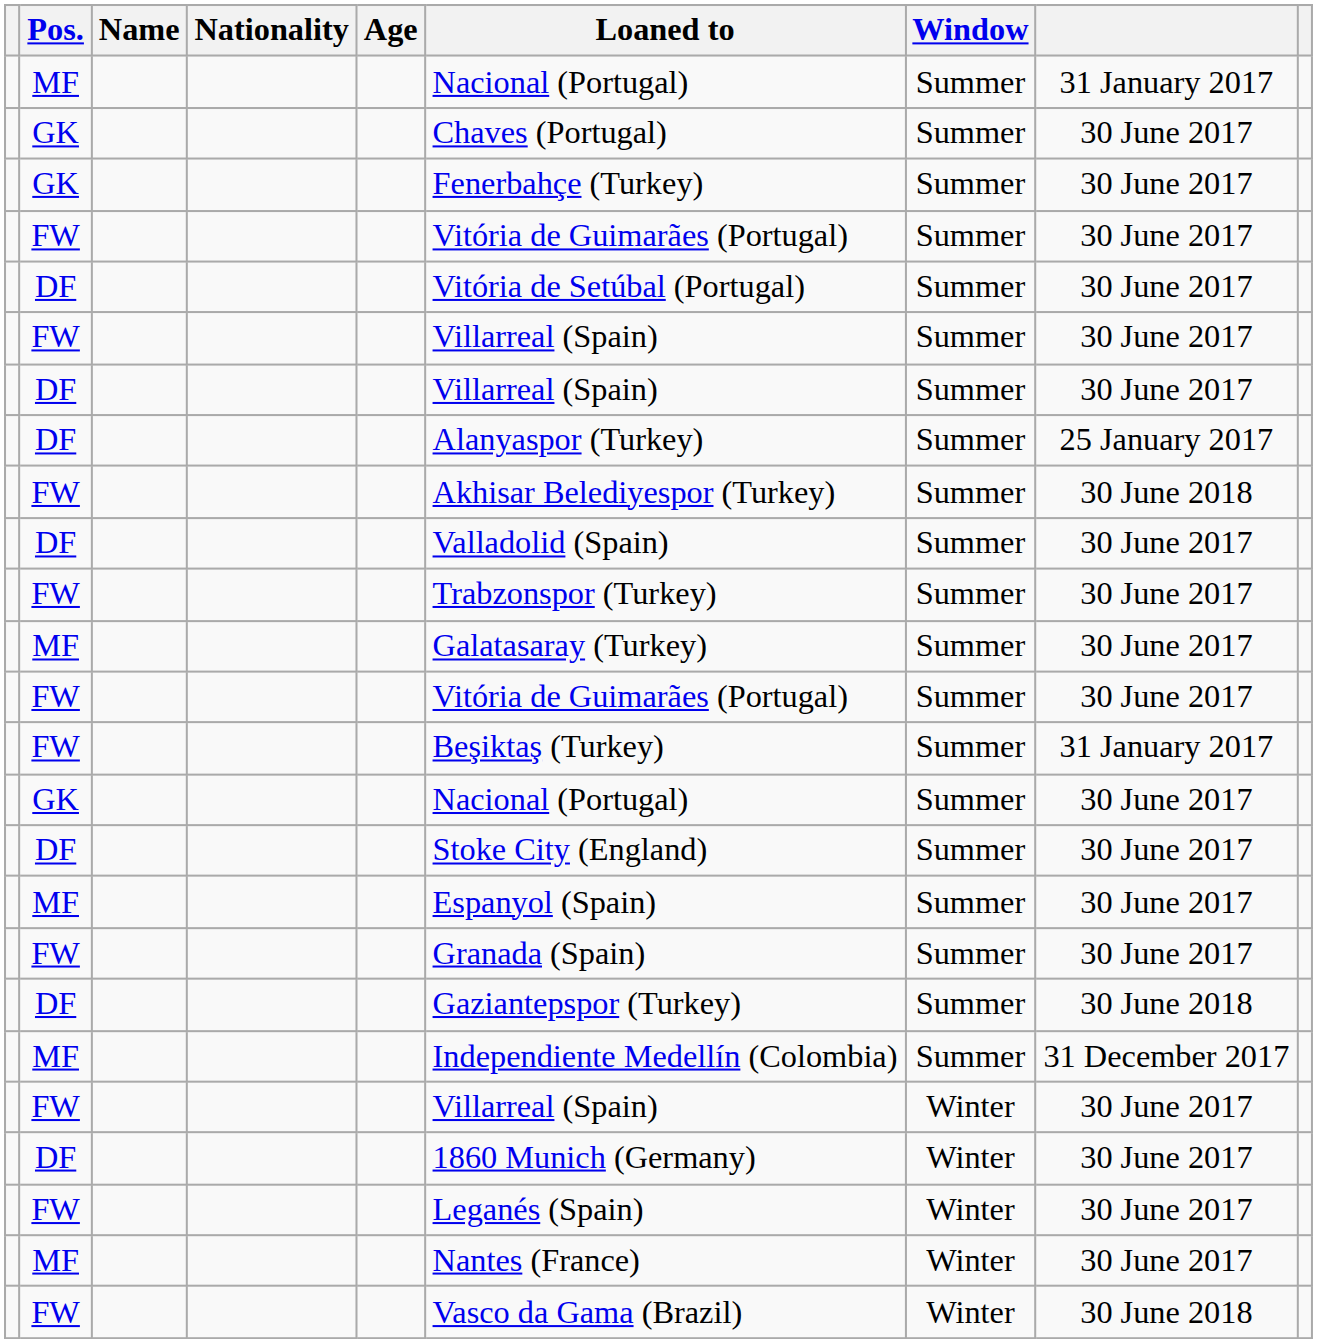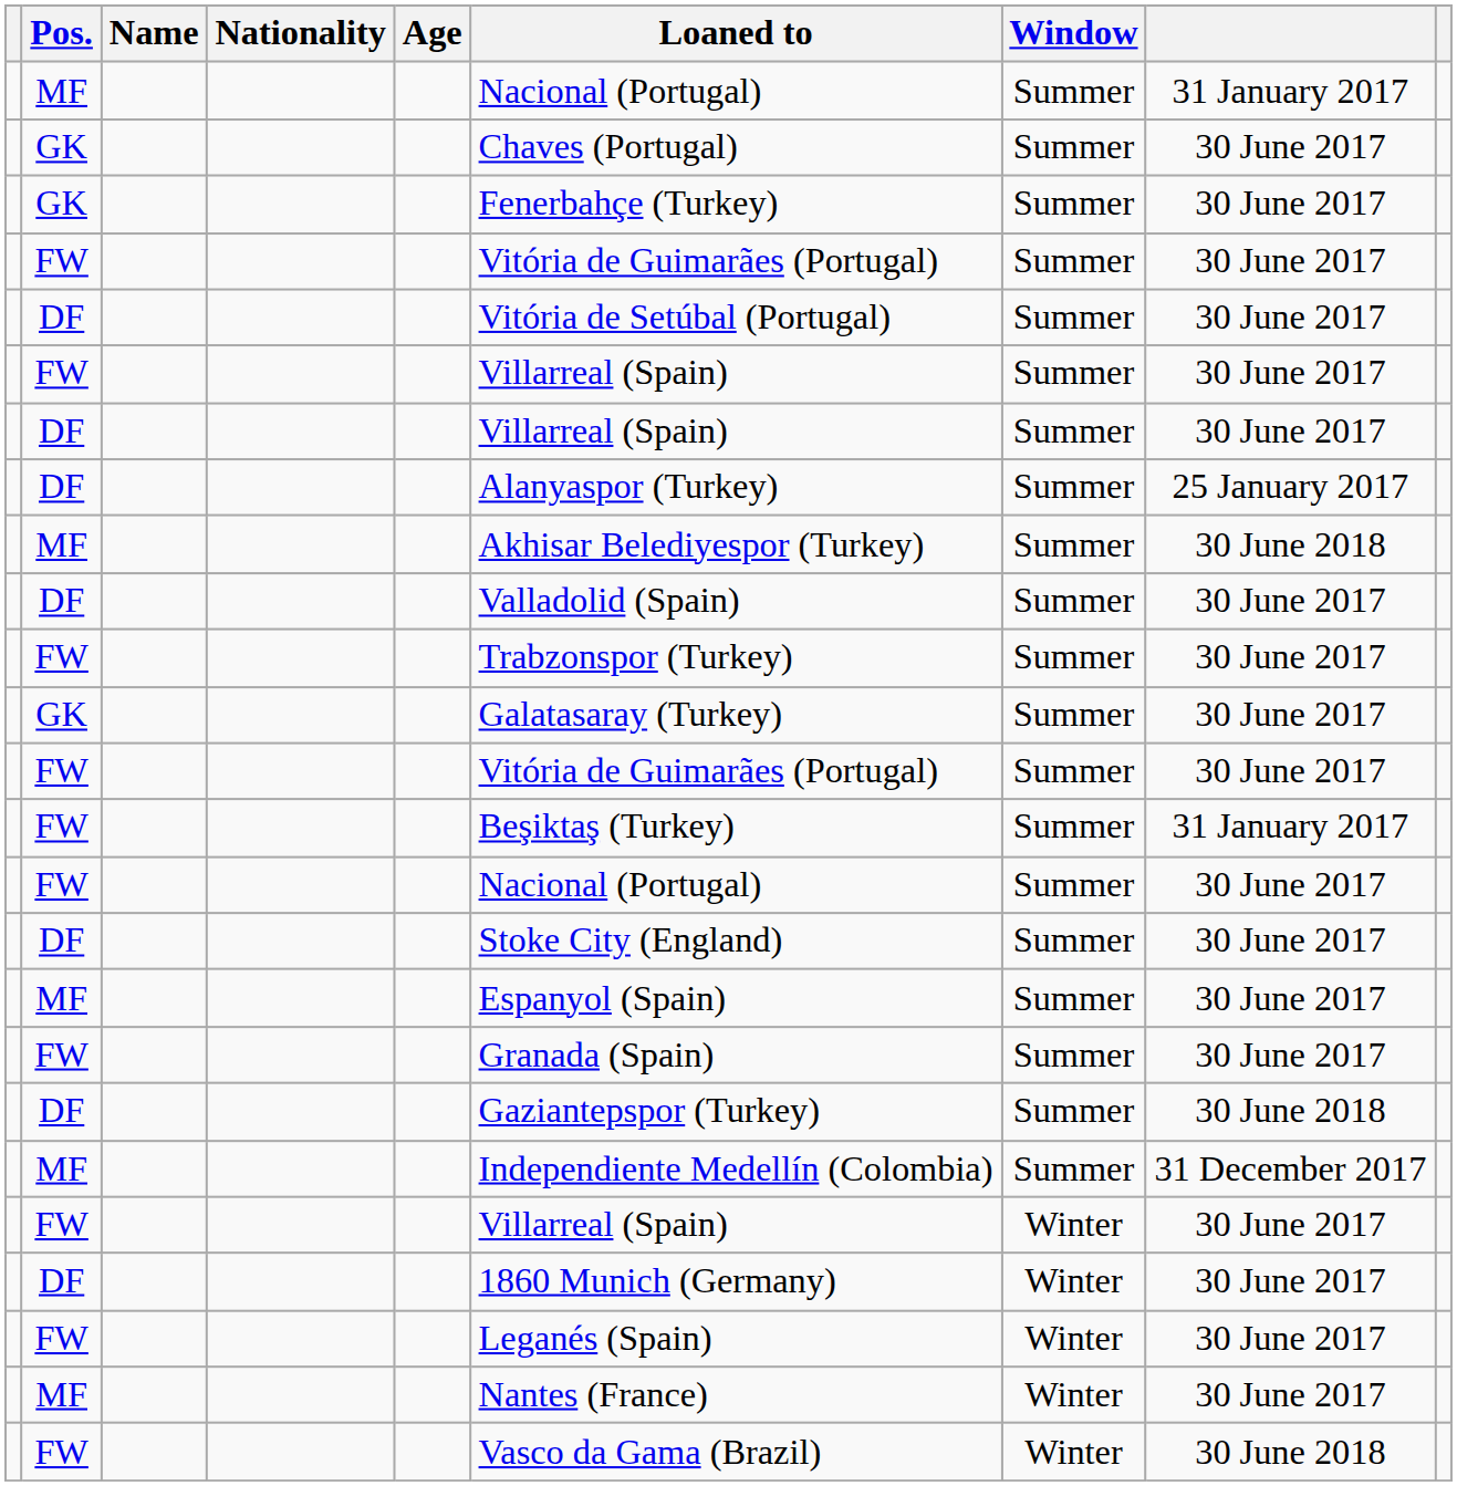 <table class="wikitable sortable" style="text-align:center;">
 <tr>
 <th scope=col></th>
 <th scope=col><a href='#'>Pos.</a></th>
 <th scope=col>Name</th>
 <th scope=col>Nationality</th>
 <th scope=col>Age</th>
 <th scope=col>Loaned to</th>
 <th scope=col><a href='#'>Window</a></th>
 <th scope=col></th>
 <th scope=col class=unsortable></th>
 </tr>
 <tr>
 <td></td>
 <td><a href='#'>MF</a></td>
 <td align=left></td>
 <td align=left></td>
 <td></td>
 <td align=left><a href='#'>Nacional</a> (Portugal)</td>
 <td>Summer</td>
 <td>31 January 2017</td>
 <td></td>
 </tr>
 <tr>
 <td></td>
 <td><a href='#'>GK</a></td>
 <td align=left></td>
 <td align=left></td>
 <td></td>
 <td align=left><a href='#'>Chaves</a> (Portugal)</td>
 <td>Summer</td>
 <td>30 June 2017</td>
 <td></td>
 </tr>
 <tr>
 <td></td>
 <td><a href='#'>GK</a></td>
 <td align=left></td>
 <td align=left></td>
 <td></td>
 <td align=left><a href='#'>Fenerbahçe</a> (Turkey)</td>
 <td>Summer</td>
 <td>30 June 2017</td>
 <td></td>
 </tr>
 <tr>
 <td></td>
 <td><a href='#'>FW</a></td>
 <td align=left></td>
 <td align=left></td>
 <td></td>
 <td align=left><a href='#'>Vitória de Guimarães</a> (Portugal)</td>
 <td>Summer</td>
 <td>30 June 2017</td>
 <td></td>
 </tr>
 <tr>
 <td></td>
 <td><a href='#'>DF</a></td>
 <td align=left></td>
 <td align=left></td>
 <td></td>
 <td align=left><a href='#'>Vitória de Setúbal</a> (Portugal)</td>
 <td>Summer</td>
 <td>30 June 2017</td>
 <td></td>
 </tr>
 <tr>
 <td></td>
 <td><a href='#'>FW</a></td>
 <td align=left></td>
 <td align=left></td>
 <td></td>
 <td align=left><a href='#'>Villarreal</a> (Spain)</td>
 <td>Summer</td>
 <td>30 June 2017</td>
 <td></td>
 </tr>
 <tr>
 <td></td>
 <td><a href='#'>DF</a></td>
 <td align=left></td>
 <td align=left></td>
 <td></td>
 <td align=left><a href='#'>Villarreal</a> (Spain)</td>
 <td>Summer</td>
 <td>30 June 2017</td>
 <td></td>
 </tr>
 <tr>
 <td></td>
 <td><a href='#'>DF</a></td>
 <td align=left></td>
 <td align=left></td>
 <td></td>
 <td align=left><a href='#'>Alanyaspor</a> (Turkey)</td>
 <td>Summer</td>
 <td>25 January 2017</td>
 <td></td>
 </tr>
 <tr>
 <td></td>
-<td><a href='#'>FW</a></td>
+<td><a href='#'>MF</a></td>
 <td align=left></td>
 <td align=left></td>
 <td></td>
 <td align=left><a href='#'>Akhisar Belediyespor</a> (Turkey)</td>
 <td>Summer</td>
 <td>30 June 2018</td>
 <td></td>
 </tr>
 <tr>
 <td></td>
 <td><a href='#'>DF</a></td>
 <td align=left></td>
 <td align=left></td>
 <td></td>
 <td align=left><a href='#'>Valladolid</a> (Spain)</td>
 <td>Summer</td>
 <td>30 June 2017</td>
 <td></td>
 </tr>
 <tr>
 <td></td>
 <td><a href='#'>FW</a></td>
 <td align=left></td>
 <td align=left></td>
 <td></td>
 <td align=left><a href='#'>Trabzonspor</a> (Turkey)</td>
 <td>Summer</td>
 <td>30 June 2017</td>
 <td></td>
 </tr>
 <tr>
 <td></td>
-<td><a href='#'>MF</a></td>
+<td><a href='#'>GK</a></td>
 <td align=left></td>
 <td align=left></td>
 <td></td>
 <td align=left><a href='#'>Galatasaray</a> (Turkey)</td>
 <td>Summer</td>
 <td>30 June 2017</td>
 <td></td>
 </tr>
 <tr>
 <td></td>
 <td><a href='#'>FW</a></td>
 <td align=left></td>
 <td align=left></td>
 <td></td>
 <td align=left><a href='#'>Vitória de Guimarães</a> (Portugal)</td>
 <td>Summer</td>
 <td>30 June 2017</td>
 <td></td>
 </tr>
 <tr>
 <td></td>
 <td><a href='#'>FW</a></td>
 <td align=left></td>
 <td align=left></td>
 <td></td>
 <td align=left><a href='#'>Beşiktaş</a> (Turkey)</td>
 <td>Summer</td>
 <td>31 January 2017</td>
 <td></td>
 </tr>
 <tr>
 <td></td>
-<td><a href='#'>GK</a></td>
+<td><a href='#'>FW</a></td>
 <td align=left></td>
 <td align=left></td>
 <td></td>
 <td align=left><a href='#'>Nacional</a> (Portugal)</td>
 <td>Summer</td>
 <td>30 June 2017</td>
 <td></td>
 </tr>
 <tr>
 <td></td>
 <td><a href='#'>DF</a></td>
 <td align=left></td>
 <td align=left></td>
 <td></td>
 <td align=left><a href='#'>Stoke City</a> (England)</td>
 <td>Summer</td>
 <td>30 June 2017</td>
 <td></td>
 </tr>
 <tr>
 <td></td>
 <td><a href='#'>MF</a></td>
 <td align=left></td>
 <td align=left></td>
 <td></td>
 <td align=left><a href='#'>Espanyol</a> (Spain)</td>
 <td>Summer</td>
 <td>30 June 2017</td>
 <td></td>
 </tr>
 <tr>
 <td></td>
 <td><a href='#'>FW</a></td>
 <td align=left></td>
 <td align=left></td>
 <td></td>
 <td align=left><a href='#'>Granada</a> (Spain)</td>
 <td>Summer</td>
 <td>30 June 2017</td>
 <td></td>
 </tr>
 <tr>
 <td></td>
 <td><a href='#'>DF</a></td>
 <td align=left></td>
 <td align=left></td>
 <td></td>
 <td align=left><a href='#'>Gaziantepspor</a> (Turkey)</td>
 <td>Summer</td>
 <td>30 June 2018</td>
 <td></td>
 </tr>
 <tr>
 <td></td>
 <td><a href='#'>MF</a></td>
 <td align=left></td>
 <td align=left></td>
 <td></td>
 <td align=left><a href='#'>Independiente Medellín</a> (Colombia)</td>
 <td>Summer</td>
 <td>31 December 2017</td>
 <td></td>
 </tr>
 <tr>
 <td></td>
 <td><a href='#'>FW</a></td>
 <td align=left></td>
 <td align=left></td>
 <td></td>
 <td align=left><a href='#'>Villarreal</a> (Spain)</td>
 <td>Winter</td>
 <td>30 June 2017</td>
 <td></td>
 </tr>
 <tr>
 <td></td>
 <td><a href='#'>DF</a></td>
 <td align=left></td>
 <td align=left></td>
 <td></td>
 <td align=left><a href='#'>1860 Munich</a> (Germany)</td>
 <td>Winter</td>
 <td>30 June 2017</td>
 <td></td>
 </tr>
 <tr>
 <td></td>
 <td><a href='#'>FW</a></td>
 <td align=left></td>
 <td align=left></td>
 <td></td>
 <td align=left><a href='#'>Leganés</a> (Spain)</td>
 <td>Winter</td>
 <td>30 June 2017</td>
 <td></td>
 </tr>
 <tr>
 <td></td>
 <td><a href='#'>MF</a></td>
 <td align=left></td>
 <td align=left></td>
 <td></td>
 <td align=left><a href='#'>Nantes</a> (France)</td>
 <td>Winter</td>
 <td>30 June 2017</td>
 <td></td>
 </tr>
 <tr>
 <td></td>
 <td><a href='#'>FW</a></td>
 <td align=left></td>
 <td align=left></td>
 <td></td>
 <td align=left><a href='#'>Vasco da Gama</a> (Brazil)</td>
 <td>Winter</td>
 <td>30 June 2018</td>
 <td></td>
 </tr>
 </table>
